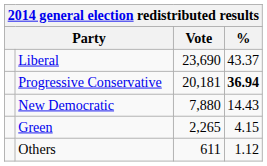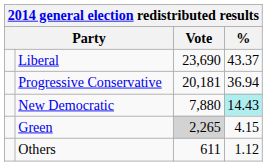 <table class="wikitable">
 <tr>
 <th colspan="4"><a href='#'>2014 general election</a> redistributed results</th>
 </tr>
 <tr>
 <th bgcolor="#DDDDFF" width="130px" colspan="2">Party</th>
 <th bgcolor="#DDDDFF" width="50px">Vote</th>
 <th bgcolor="#DDDDFF" width="30px">%</th>
 </tr>
 <tr>
 <td> </td>
 <td><a href='#'>Liberal</a></td>
 <td align=right>23,690</td>
 <td align=right>43.37</td>
 </tr>
 <tr>
 <td> </td>
 <td><a href='#'>Progressive Conservative</a></td>
 <td align=right>20,181</td>
-<td align=right><strong>36.94</strong></td>
+<td align=right>36.94</td>
 </tr>
 <tr>
 <td> </td>
 <td><a href='#'>New Democratic</a></td>
 <td align=right>7,880</td>
-<td align=right>14.43</td>
+<td align=right style="background: paleturquoise;">14.43</td>
 </tr>
 <tr>
 <td> </td>
 <td><a href='#'>Green</a></td>
-<td align=right>2,265</td>
+<td align=right style="background: lightgrey;">2,265</td>
 <td align=right>4.15</td>
 </tr>
 <tr>
 <td> </td>
 <td>Others</td>
 <td align=right>611</td>
 <td align=right>1.12</td>
 </tr>
 </table>
